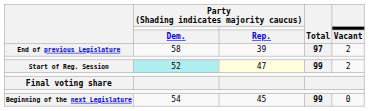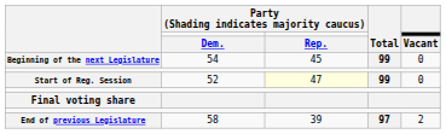 <table class=wikitable style="text-align:center">
 <tr style="vertical-align:bottom;">
 <th rowspan=3></th>
 <th colspan=2>Party <div>(Shading indicates majority caucus)</div></th>
 <th rowspan=3>Total</th>
 <th></th>
 </tr>
 <tr style="height:5px">
 <td style="background-color:"></td>
 <td style="background-color:"></td>
 <td style="background:black;"></td>
 </tr>
 <tr>
 <th><a href='#'>Dem.</a></th>
 <th><a href='#'>Rep.</a></th>
 <th>Vacant</th>
 </tr>
 <tr>
-<th style="font-size:80%;">End of <a href='#'>previous Legislature</a></th>
-<td>58</td>
-<td>39</td>
-<th>97</th>
-<td>2</td>
+<th style="font-size:80%;">Beginning of the <a href='#'>next Legislature</a></th>
+<td>54</td>
+<td>45</td>
+<th>99</th>
+<td>0</td>
 </tr>
 <tr>
 <td colspan=5></td>
 </tr>
 <tr>
 <th style="font-size:80%;">Start of Reg. Session</th>
-<td style="background: paleturquoise;">52</td>
+<td>52</td>
 <td style="background: lightyellow;">47</td>
 <th>99</th>
-<td>2</td>
+<td>0</td>
 </tr>
 <tr>
 <td colspan=5></td>
 </tr>
 <tr>
 <th>Final voting share</th>
 <th></th>
 <th></th>
 <th colspan=2></th>
 </tr>
 <tr>
 <td colspan=5></td>
 </tr>
 <tr>
-<th style="font-size:80%;">Beginning of the <a href='#'>next Legislature</a></th>
-<td>54</td>
-<td>45</td>
-<th>99</th>
-<td>0</td>
+<th style="font-size:80%;">End of <a href='#'>previous Legislature</a></th>
+<td>58</td>
+<td>39</td>
+<th>97</th>
+<td>2</td>
 </tr>
 </table>
